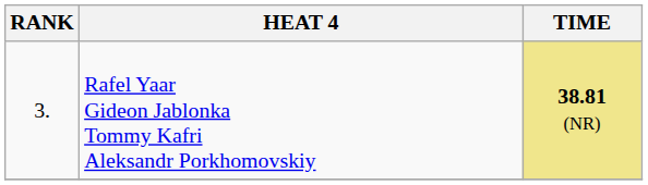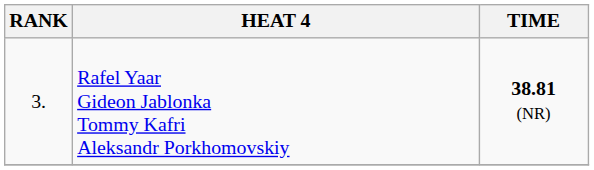 <table class="wikitable" style="border-collapse: collapse; font-size: 90%;">
 <tr>
 <th>RANK</th>
 <th style="width: 20em">HEAT 4</th>
 <th style="width: 5em">TIME</th>
 </tr>
 <tr>
 <td align="center">3.</td>
 <td><br><a href='#'>Rafel Yaar</a><br><a href='#'>Gideon Jablonka</a><br><a href='#'>Tommy Kafri</a><br><a href='#'>Aleksandr Porkhomovskiy</a></td>
-<td align="center" style="background: khaki;"><strong>38.81</strong><br> <small>(NR)</small></td>
+<td align="center"><strong>38.81</strong><br> <small>(NR)</small></td>
 </tr>
 <tr>
 </tr>
 </table>
